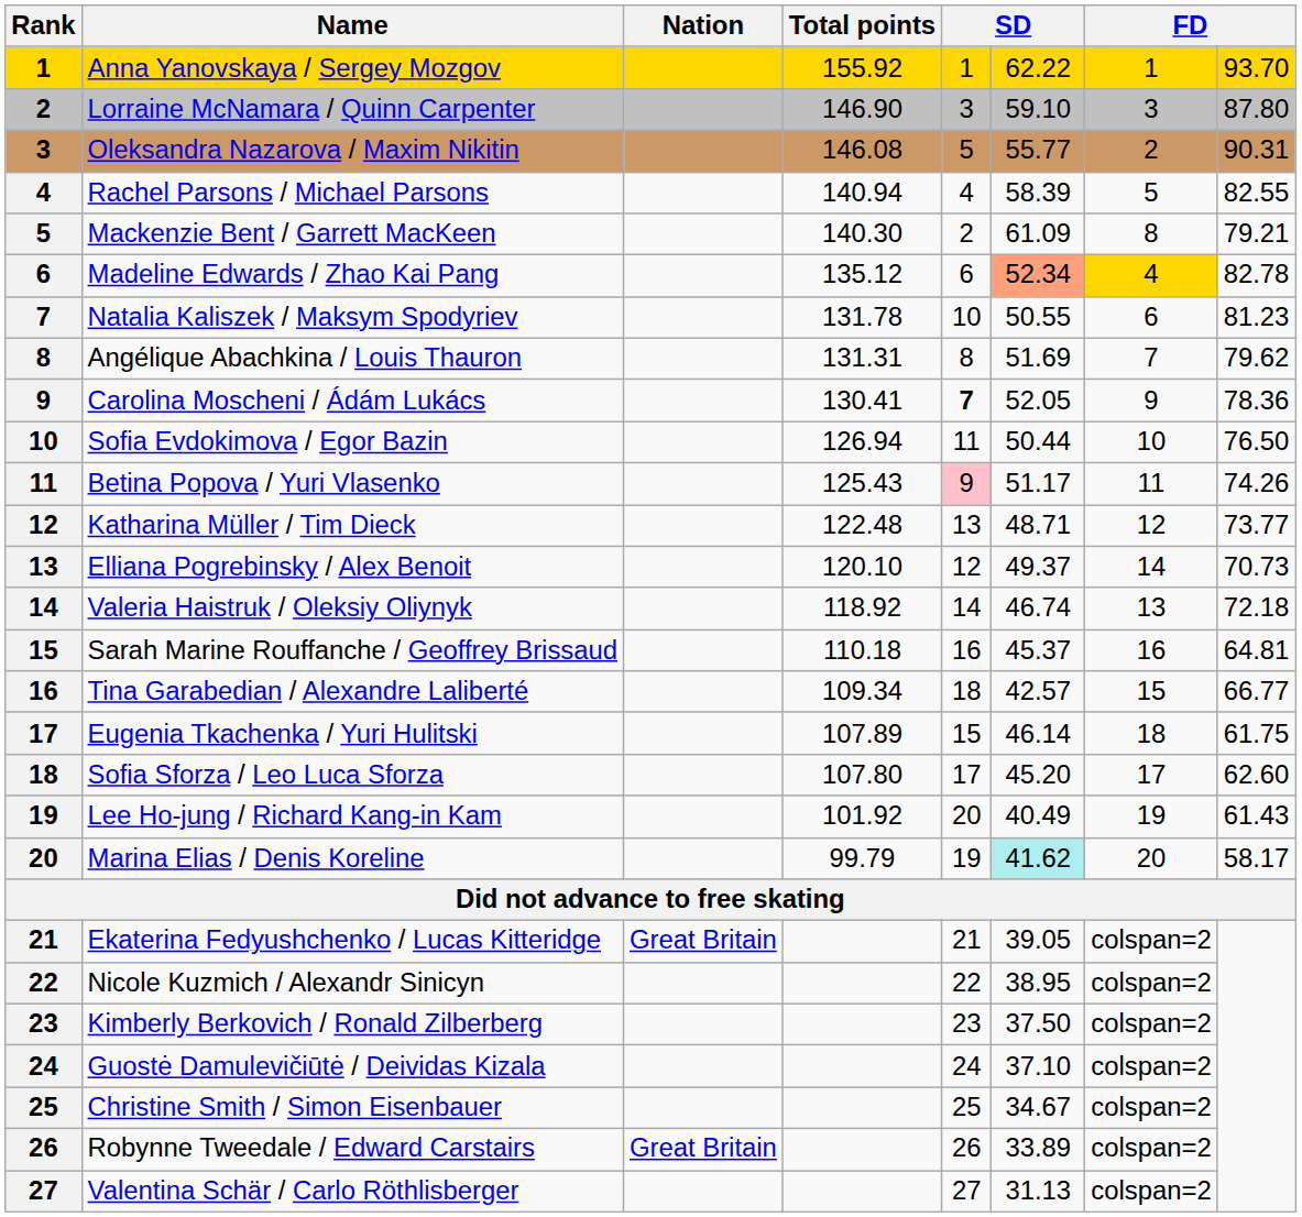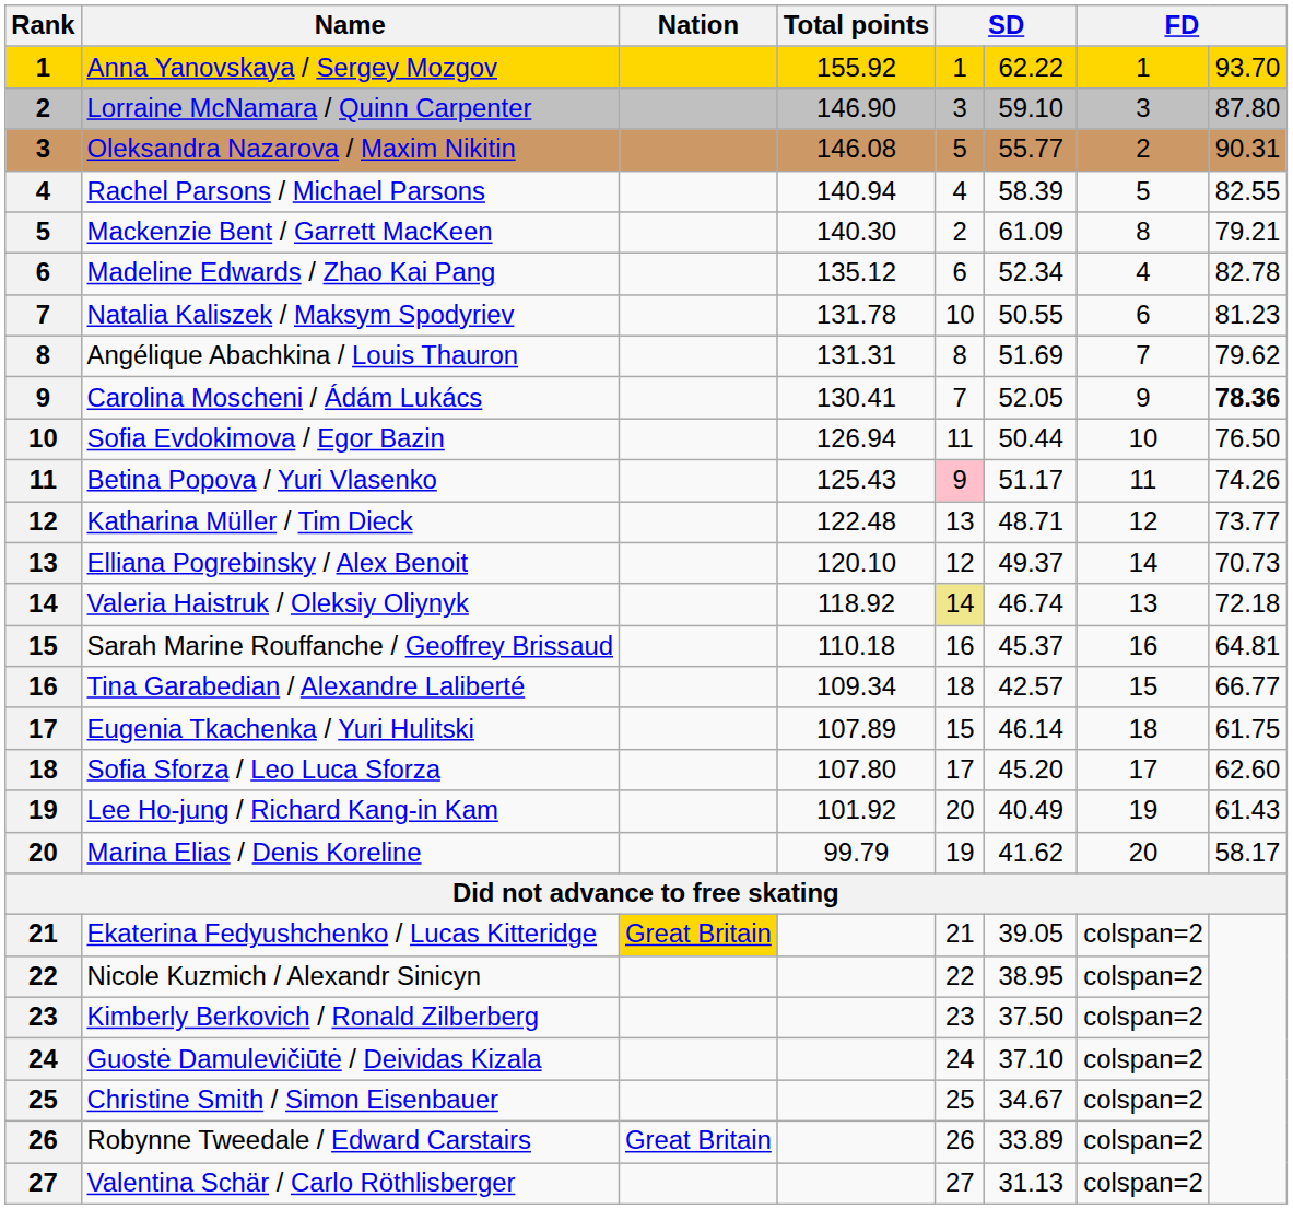 <table class="wikitable sortable">
 <tr>
 <th>Rank</th>
 <th>Name</th>
 <th>Nation</th>
 <th>Total points</th>
 <th colspan="2" width="80px"><a href='#'>SD</a></th>
 <th colspan="2" width="80px"><a href='#'>FD</a></th>
 </tr>
 <tr bgcolor="gold">
 <td align="center"><strong>1</strong></td>
 <td><a href='#'>Anna Yanovskaya</a> / <a href='#'>Sergey Mozgov</a></td>
 <td></td>
 <td align="center">155.92</td>
 <td align="center">1</td>
 <td align="center">62.22</td>
 <td align="center">1</td>
 <td align="center">93.70</td>
 </tr>
 <tr bgcolor="silver">
 <td align="center"><strong>2</strong></td>
 <td><a href='#'>Lorraine McNamara</a> / <a href='#'>Quinn Carpenter</a></td>
 <td></td>
 <td align="center">146.90</td>
 <td align="center">3</td>
 <td align="center">59.10</td>
 <td align="center">3</td>
 <td align="center">87.80</td>
 </tr>
 <tr bgcolor="cc9966">
 <td align="center"><strong>3</strong></td>
 <td><a href='#'>Oleksandra Nazarova</a> / <a href='#'>Maxim Nikitin</a></td>
 <td></td>
 <td align="center">146.08</td>
 <td align="center">5</td>
 <td align="center">55.77</td>
 <td align="center">2</td>
 <td align="center">90.31</td>
 </tr>
 <tr>
 <th>4</th>
 <td><a href='#'>Rachel Parsons</a> / <a href='#'>Michael Parsons</a></td>
 <td></td>
 <td align="center">140.94</td>
 <td align="center">4</td>
 <td align="center">58.39</td>
 <td align="center">5</td>
 <td align="center">82.55</td>
 </tr>
 <tr>
 <th>5</th>
 <td><a href='#'>Mackenzie Bent</a> / <a href='#'>Garrett MacKeen</a></td>
 <td></td>
 <td align="center">140.30</td>
 <td align="center">2</td>
 <td align="center">61.09</td>
 <td align="center">8</td>
 <td align="center">79.21</td>
 </tr>
 <tr>
 <th>6</th>
 <td><a href='#'>Madeline Edwards</a> / <a href='#'>Zhao Kai Pang</a></td>
 <td></td>
 <td align="center">135.12</td>
 <td align="center">6</td>
-<td align="center" style="background: lightsalmon;">52.34</td>
-<td align="center" style="background: gold;">4</td>
+<td align="center">52.34</td>
+<td align="center">4</td>
 <td align="center">82.78</td>
 </tr>
 <tr>
 <th>7</th>
 <td><a href='#'>Natalia Kaliszek</a> / <a href='#'>Maksym Spodyriev</a></td>
 <td></td>
 <td align="center">131.78</td>
 <td align="center">10</td>
 <td align="center">50.55</td>
 <td align="center">6</td>
 <td align="center">81.23</td>
 </tr>
 <tr>
 <th>8</th>
 <td>Angélique Abachkina / <a href='#'>Louis Thauron</a></td>
 <td></td>
 <td align="center">131.31</td>
 <td align="center">8</td>
 <td align="center">51.69</td>
 <td align="center">7</td>
 <td align="center">79.62</td>
 </tr>
 <tr>
 <th>9</th>
 <td><a href='#'>Carolina Moscheni</a> / <a href='#'>Ádám Lukács</a></td>
 <td></td>
 <td align="center">130.41</td>
-<td align="center"><strong>7</strong></td>
+<td align="center">7</td>
 <td align="center">52.05</td>
 <td align="center">9</td>
-<td align="center">78.36</td>
+<td align="center"><strong>78.36</strong></td>
 </tr>
 <tr>
 <th>10</th>
 <td><a href='#'>Sofia Evdokimova</a> / <a href='#'>Egor Bazin</a></td>
 <td></td>
 <td align="center">126.94</td>
 <td align="center">11</td>
 <td align="center">50.44</td>
 <td align="center">10</td>
 <td align="center">76.50</td>
 </tr>
 <tr>
 <th>11</th>
 <td><a href='#'>Betina Popova</a> / <a href='#'>Yuri Vlasenko</a></td>
 <td></td>
 <td align="center">125.43</td>
 <td align="center" style="background: pink;">9</td>
 <td align="center">51.17</td>
 <td align="center">11</td>
 <td align="center">74.26</td>
 </tr>
 <tr>
 <th>12</th>
 <td><a href='#'>Katharina Müller</a> / <a href='#'>Tim Dieck</a></td>
 <td></td>
 <td align="center">122.48</td>
 <td align="center">13</td>
 <td align="center">48.71</td>
 <td align="center">12</td>
 <td align="center">73.77</td>
 </tr>
 <tr>
 <th>13</th>
 <td><a href='#'>Elliana Pogrebinsky</a> / <a href='#'>Alex Benoit</a></td>
 <td></td>
 <td align="center">120.10</td>
 <td align="center">12</td>
 <td align="center">49.37</td>
 <td align="center">14</td>
 <td align="center">70.73</td>
 </tr>
 <tr>
 <th>14</th>
 <td><a href='#'>Valeria Haistruk</a> / <a href='#'>Oleksiy Oliynyk</a></td>
 <td></td>
 <td align="center">118.92</td>
-<td align="center">14</td>
+<td align="center" style="background: khaki;">14</td>
 <td align="center">46.74</td>
 <td align="center">13</td>
 <td align="center">72.18</td>
 </tr>
 <tr>
 <th>15</th>
 <td>Sarah Marine Rouffanche / <a href='#'>Geoffrey Brissaud</a></td>
 <td></td>
 <td align="center">110.18</td>
 <td align="center">16</td>
 <td align="center">45.37</td>
 <td align="center">16</td>
 <td align="center">64.81</td>
 </tr>
 <tr>
 <th>16</th>
 <td><a href='#'>Tina Garabedian</a> / <a href='#'>Alexandre Laliberté</a></td>
 <td></td>
 <td align="center">109.34</td>
 <td align="center">18</td>
 <td align="center">42.57</td>
 <td align="center">15</td>
 <td align="center">66.77</td>
 </tr>
 <tr>
 <th>17</th>
 <td><a href='#'>Eugenia Tkachenka</a> / <a href='#'>Yuri Hulitski</a></td>
 <td></td>
 <td align="center">107.89</td>
 <td align="center">15</td>
 <td align="center">46.14</td>
 <td align="center">18</td>
 <td align="center">61.75</td>
 </tr>
 <tr>
 <th>18</th>
 <td><a href='#'>Sofia Sforza</a> / <a href='#'>Leo Luca Sforza</a></td>
 <td></td>
 <td align="center">107.80</td>
 <td align="center">17</td>
 <td align="center">45.20</td>
 <td align="center">17</td>
 <td align="center">62.60</td>
 </tr>
 <tr>
 <th>19</th>
 <td><a href='#'>Lee Ho-jung</a> / <a href='#'>Richard Kang-in Kam</a></td>
 <td></td>
 <td align="center">101.92</td>
 <td align="center">20</td>
 <td align="center">40.49</td>
 <td align="center">19</td>
 <td align="center">61.43</td>
 </tr>
 <tr>
 <th>20</th>
 <td><a href='#'>Marina Elias</a> / <a href='#'>Denis Koreline</a></td>
 <td></td>
 <td align="center">99.79</td>
 <td align="center">19</td>
-<td align="center" style="background: paleturquoise;">41.62</td>
+<td align="center">41.62</td>
 <td align="center">20</td>
 <td align="center">58.17</td>
 </tr>
 <tr>
 <th colspan=10>Did not advance to free skating</th>
 </tr>
 <tr>
 <th>21</th>
 <td><a href='#'>Ekaterina Fedyushchenko</a> / <a href='#'>Lucas Kitteridge</a></td>
-<td> <a href='#'>Great Britain</a></td>
+<td style="background: gold;"> <a href='#'>Great Britain</a></td>
 <td align="center"></td>
 <td align="center">21</td>
 <td align="center">39.05</td>
 <td>colspan=2 </td>
 </tr>
 <tr>
 <th>22</th>
 <td>Nicole Kuzmich / Alexandr Sinicyn</td>
 <td></td>
 <td align="center"></td>
 <td align="center">22</td>
 <td align="center">38.95</td>
 <td>colspan=2 </td>
 </tr>
 <tr>
 <th>23</th>
 <td><a href='#'>Kimberly Berkovich</a> / <a href='#'>Ronald Zilberberg</a></td>
 <td></td>
 <td align="center"></td>
 <td align="center">23</td>
 <td align="center">37.50</td>
 <td>colspan=2 </td>
 </tr>
 <tr>
 <th>24</th>
 <td><a href='#'>Guostė Damulevičiūtė</a> / <a href='#'>Deividas Kizala</a></td>
 <td></td>
 <td align="center"></td>
 <td align="center">24</td>
 <td align="center">37.10</td>
 <td>colspan=2 </td>
 </tr>
 <tr>
 <th>25</th>
 <td><a href='#'>Christine Smith</a> / <a href='#'>Simon Eisenbauer</a></td>
 <td></td>
 <td align="center"></td>
 <td align="center">25</td>
 <td align="center">34.67</td>
 <td>colspan=2 </td>
 </tr>
 <tr>
 <th>26</th>
 <td>Robynne Tweedale / <a href='#'>Edward Carstairs</a></td>
 <td> <a href='#'>Great Britain</a></td>
 <td align="center"></td>
 <td align="center">26</td>
 <td align="center">33.89</td>
 <td>colspan=2 </td>
 </tr>
 <tr>
 <th>27</th>
 <td><a href='#'>Valentina Schär</a> / <a href='#'>Carlo Röthlisberger</a></td>
 <td></td>
 <td align="center"></td>
 <td align="center">27</td>
 <td align="center">31.13</td>
 <td>colspan=2 </td>
 </tr>
 </table>
